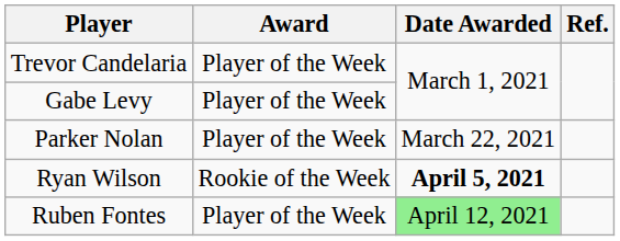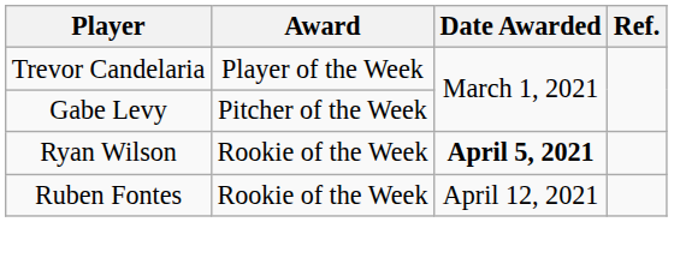 <table class="wikitable sortable sortable" style="text-align: center">
 <tr align=center>
 <th>Player</th>
 <th>Award</th>
 <th>Date Awarded</th>
 <th>Ref.</th>
 </tr>
 <tr>
 <td>Trevor Candelaria</td>
 <td>Player of the Week</td>
 <td rowspan="2">March 1, 2021</td>
 <td rowspan="2"></td>
 </tr>
 <tr>
 <td>Gabe Levy</td>
-<td>Player of the Week</td>
-</tr>
-<tr>
-<td>Parker Nolan</td>
-<td>Player of the Week</td>
-<td>March 22, 2021</td>
-<td></td>
+<td>Pitcher of the Week</td>
 </tr>
 <tr>
 <td>Ryan Wilson</td>
 <td>Rookie of the Week</td>
 <td><strong>April 5, 2021</strong></td>
 <td></td>
 </tr>
 <tr>
 <td>Ruben Fontes</td>
-<td>Player of the Week</td>
-<td style="background: lightgreen;">April 12, 2021</td>
+<td>Rookie of the Week</td>
+<td>April 12, 2021</td>
 <td></td>
 </tr>
 </table>
